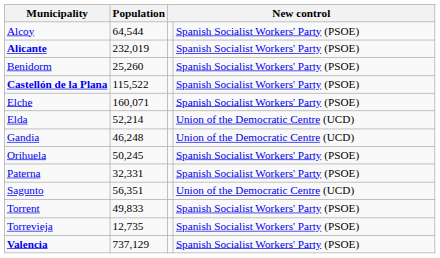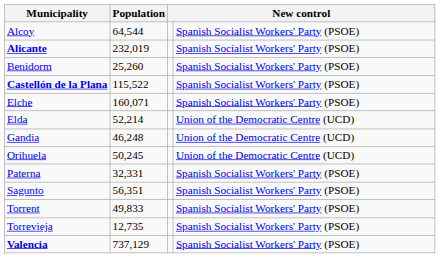 <table class="wikitable sortable">
 <tr>
 <th>Municipality</th>
 <th>Population</th>
 <th colspan="2" style="width:375px;">New control</th>
 </tr>
 <tr>
 <td><a href='#'>Alcoy</a></td>
 <td>64,544</td>
 <td width="1" style="color:inherit;background:"></td>
 <td><a href='#'>Spanish Socialist Workers' Party</a> (PSOE)</td>
 </tr>
 <tr>
 <td><strong><a href='#'>Alicante</a></strong></td>
 <td>232,019</td>
 <td style="color:inherit;background:"></td>
 <td><a href='#'>Spanish Socialist Workers' Party</a> (PSOE)</td>
 </tr>
 <tr>
 <td><a href='#'>Benidorm</a></td>
 <td>25,260</td>
 <td style="color:inherit;background:"></td>
 <td><a href='#'>Spanish Socialist Workers' Party</a> (PSOE)</td>
 </tr>
 <tr>
 <td><strong><a href='#'>Castellón de la Plana</a></strong></td>
 <td>115,522</td>
 <td style="color:inherit;background:"></td>
 <td><a href='#'>Spanish Socialist Workers' Party</a> (PSOE)</td>
 </tr>
 <tr>
 <td><a href='#'>Elche</a></td>
 <td>160,071</td>
 <td style="color:inherit;background:"></td>
 <td><a href='#'>Spanish Socialist Workers' Party</a> (PSOE)</td>
 </tr>
 <tr>
 <td><a href='#'>Elda</a></td>
 <td>52,214</td>
 <td style="color:inherit;background:"></td>
 <td><a href='#'>Union of the Democratic Centre</a> (UCD)</td>
 </tr>
 <tr>
 <td><a href='#'>Gandia</a></td>
 <td>46,248</td>
 <td style="color:inherit;background:"></td>
 <td><a href='#'>Union of the Democratic Centre</a> (UCD)</td>
 </tr>
 <tr>
 <td><a href='#'>Orihuela</a></td>
 <td>50,245</td>
 <td style="color:inherit;background:"></td>
-<td><a href='#'>Spanish Socialist Workers' Party</a> (PSOE)</td>
+<td><a href='#'>Union of the Democratic Centre</a> (UCD) </td>
 </tr>
 <tr>
 <td><a href='#'>Paterna</a></td>
 <td>32,331</td>
 <td style="color:inherit;background:"></td>
 <td><a href='#'>Spanish Socialist Workers' Party</a> (PSOE)</td>
 </tr>
 <tr>
 <td><a href='#'>Sagunto</a></td>
 <td>56,351</td>
 <td style="color:inherit;background:"></td>
-<td><a href='#'>Union of the Democratic Centre</a> (UCD) </td>
+<td><a href='#'>Spanish Socialist Workers' Party</a> (PSOE)</td>
 </tr>
 <tr>
 <td><a href='#'>Torrent</a></td>
 <td>49,833</td>
 <td style="color:inherit;background:"></td>
 <td><a href='#'>Spanish Socialist Workers' Party</a> (PSOE)</td>
 </tr>
 <tr>
 <td><a href='#'>Torrevieja</a></td>
 <td>12,735</td>
 <td style="color:inherit;background:"></td>
 <td><a href='#'>Spanish Socialist Workers' Party</a> (PSOE)</td>
 </tr>
 <tr>
 <td><strong><a href='#'>Valencia</a></strong></td>
 <td>737,129</td>
 <td style="color:inherit;background:"></td>
 <td><a href='#'>Spanish Socialist Workers' Party</a> (PSOE)</td>
 </tr>
 </table>
